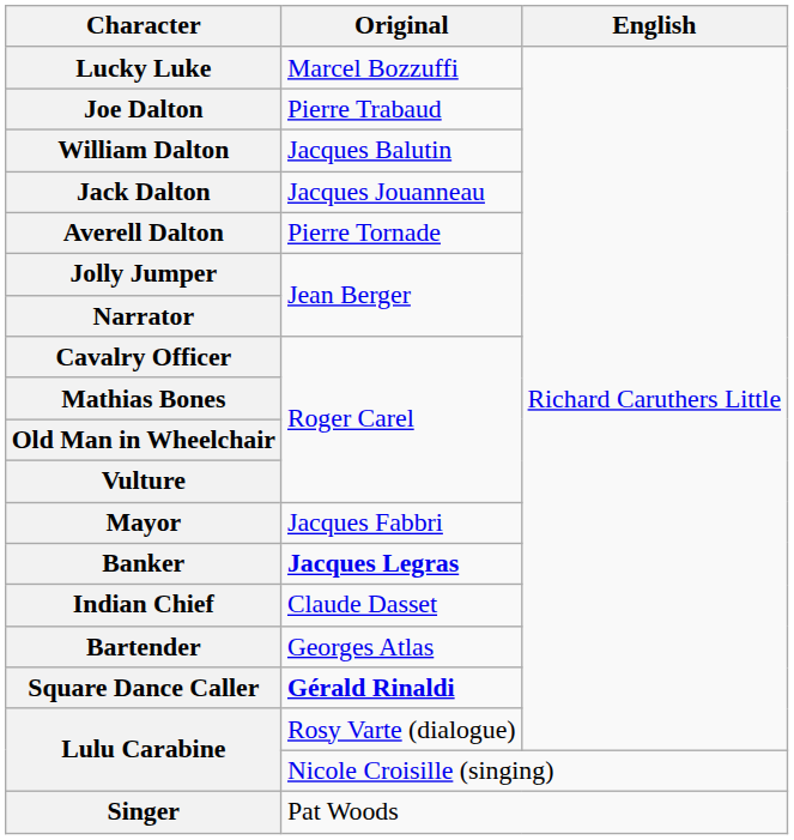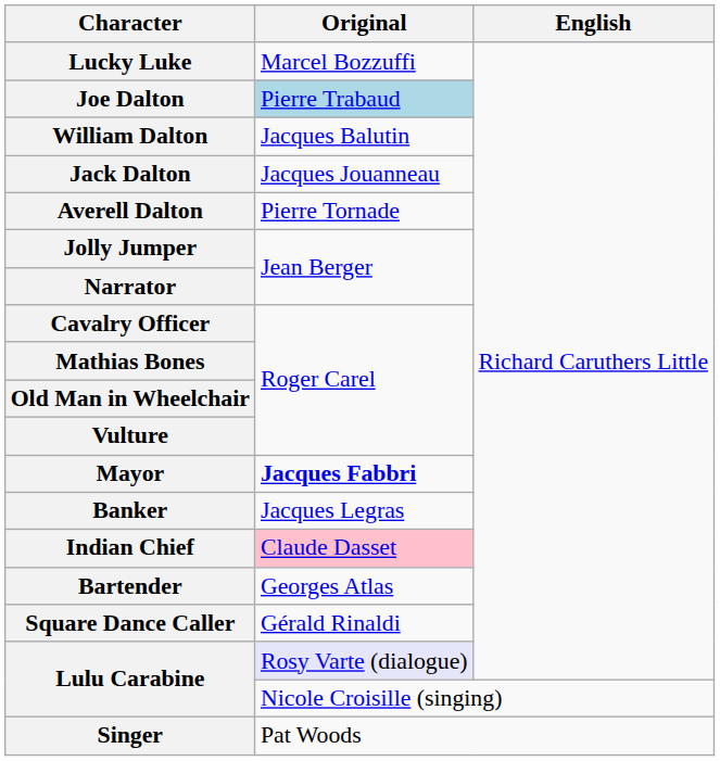 <table class="wikitable">
 <tr>
 <th>Character</th>
 <th>Original</th>
 <th>English</th>
 </tr>
 <tr>
 <th>Lucky Luke</th>
 <td><a href='#'>Marcel Bozzuffi</a></td>
 <td rowspan="17"><a href='#'>Richard Caruthers Little</a></td>
 </tr>
 <tr>
 <th>Joe Dalton</th>
-<td><a href='#'>Pierre Trabaud</a></td>
+<td style="background: lightblue;"><a href='#'>Pierre Trabaud</a></td>
 </tr>
 <tr>
 <th>William Dalton</th>
 <td><a href='#'>Jacques Balutin</a></td>
 </tr>
 <tr>
 <th>Jack Dalton</th>
 <td><a href='#'>Jacques Jouanneau</a></td>
 </tr>
 <tr>
 <th>Averell Dalton</th>
 <td><a href='#'>Pierre Tornade</a></td>
 </tr>
 <tr>
 <th>Jolly Jumper</th>
 <td rowspan="2"><a href='#'>Jean Berger</a></td>
 </tr>
 <tr>
 <th>Narrator</th>
 </tr>
 <tr>
 <th>Cavalry Officer</th>
 <td rowspan="4"><a href='#'>Roger Carel</a></td>
 </tr>
 <tr>
 <th>Mathias Bones</th>
 </tr>
 <tr>
 <th>Old Man in Wheelchair</th>
 </tr>
 <tr>
 <th>Vulture</th>
 </tr>
 <tr>
 <th>Mayor</th>
-<td><a href='#'>Jacques Fabbri</a></td>
+<td><strong><a href='#'>Jacques Fabbri</a></strong></td>
 </tr>
 <tr>
 <th>Banker</th>
-<td><strong><a href='#'>Jacques Legras</a></strong></td>
+<td><a href='#'>Jacques Legras</a></td>
 </tr>
 <tr>
 <th>Indian Chief</th>
-<td><a href='#'>Claude Dasset</a></td>
+<td style="background: pink;"><a href='#'>Claude Dasset</a></td>
 </tr>
 <tr>
 <th>Bartender</th>
 <td><a href='#'>Georges Atlas</a></td>
 </tr>
 <tr>
 <th>Square Dance Caller</th>
-<td><strong><a href='#'>Gérald Rinaldi</a></strong></td>
+<td><a href='#'>Gérald Rinaldi</a></td>
 </tr>
 <tr>
 <th rowspan="2">Lulu Carabine</th>
-<td><a href='#'>Rosy Varte</a> (dialogue)</td>
+<td style="background: lavender;"><a href='#'>Rosy Varte</a> (dialogue)</td>
 </tr>
 <tr>
 <td colspan="2"><a href='#'>Nicole Croisille</a> (singing)</td>
 </tr>
 <tr>
 <th>Singer</th>
 <td colspan="2">Pat Woods</td>
 </tr>
 </table>
